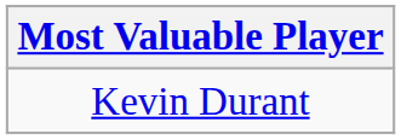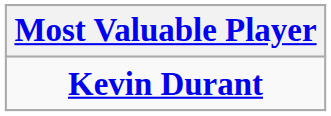 <table class=wikitable style="text-align:center; margin:auto">
 <tr>
 <th><a href='#'>Most Valuable Player</a></th>
 </tr>
 <tr>
-<td> <a href='#'>Kevin Durant</a></td>
+<td><strong> <a href='#'>Kevin Durant</a></strong></td>
 </tr>
 </table>
